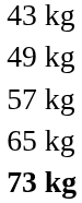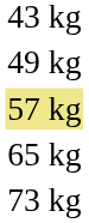 <table>
 <tr>
 <td>43 kg<br></td>
 <td></td>
 <td></td>
 <td></td>
 </tr>
 <tr>
 <td>49 kg<br></td>
 <td></td>
 <td></td>
 <td></td>
 </tr>
 <tr>
-<td>57 kg<br></td>
+<td style="background: khaki;">57 kg<br></td>
 <td></td>
 <td></td>
 <td></td>
 </tr>
 <tr>
 <td>65 kg<br></td>
 <td></td>
 <td></td>
 <td></td>
 </tr>
 <tr>
-<td><strong>73 kg<br></strong></td>
+<td>73 kg<br></td>
 <td></td>
 <td></td>
 <td></td>
 </tr>
 </table>
